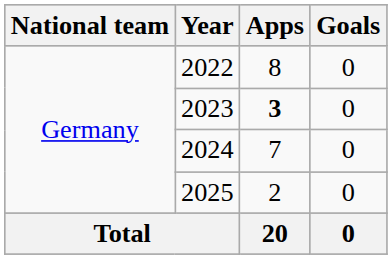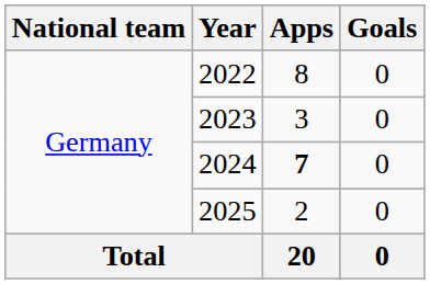 <table class=wikitable style=text-align:center>
 <tr>
 <th>National team</th>
 <th>Year</th>
 <th>Apps</th>
 <th>Goals</th>
 </tr>
 <tr>
 <td rowspan="4"><a href='#'>Germany</a></td>
 <td>2022</td>
 <td>8</td>
 <td>0</td>
 </tr>
 <tr>
 <td>2023</td>
-<td><strong>3</strong></td>
+<td>3</td>
 <td>0</td>
 </tr>
 <tr>
 <td>2024</td>
-<td>7</td>
+<td><strong>7</strong></td>
 <td>0</td>
 </tr>
 <tr>
 <td>2025</td>
 <td>2</td>
 <td>0</td>
 </tr>
 <tr>
 <th colspan=2>Total</th>
 <th>20</th>
 <th>0</th>
 </tr>
 </table>
